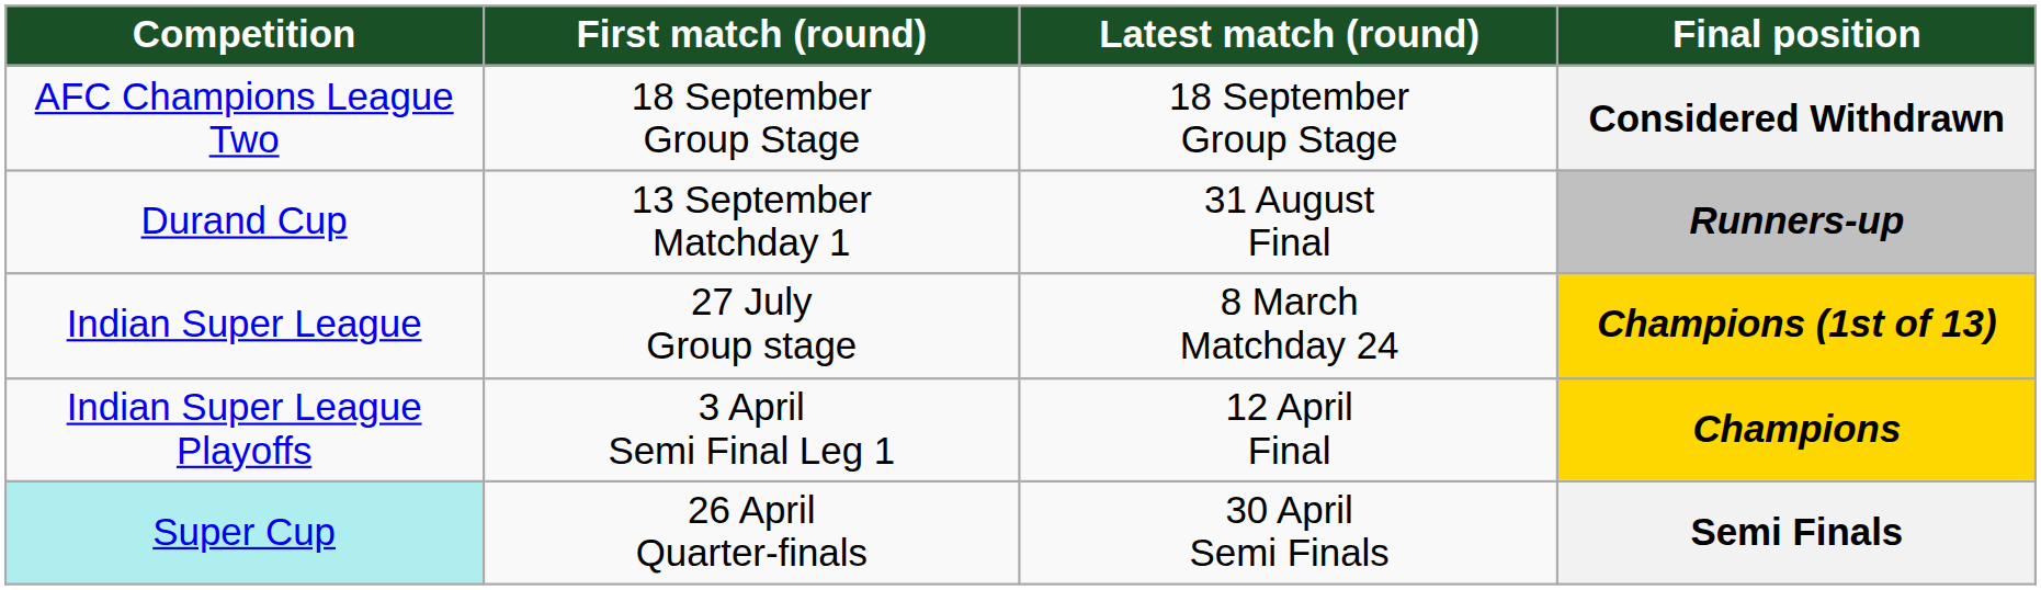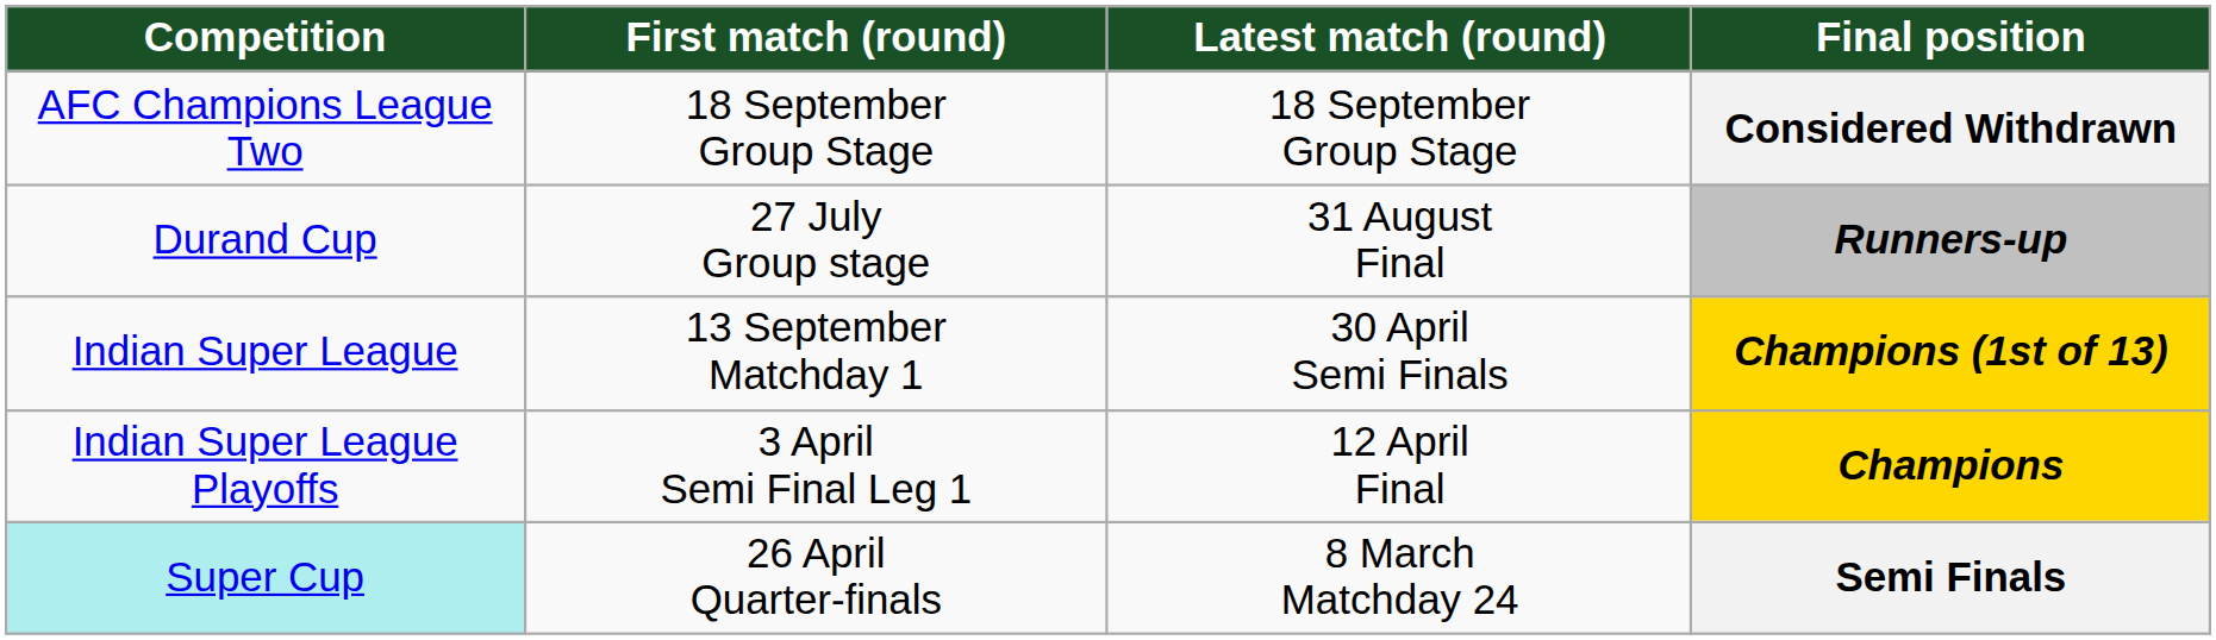 <table class="wikitable" style="text-align:center; width:850px;">
 <tr>
 <th style="text-align:center; width:150px; background:#1A5026; color:#FFFFFF; ">Competition</th>
 <th style="text-align:center; width:170px; background:#1A5026; color:#FFFFFF; ">First match (round)</th>
 <th style="text-align:center; width:170px; background:#1A5026; color:#FFFFFF; ">Latest match (round)</th>
 <th style="text-align:center; width:150px; background:#1A5026; color:#FFFFFF; ">Final position</th>
 </tr>
 <tr>
 <td style="text-align:center;"><a href='#'>AFC Champions League Two</a></td>
 <td>18 September <br> Group Stage</td>
 <td>18 September <br> Group Stage</td>
 <th>Considered Withdrawn</th>
 </tr>
 <tr>
 <td style="text-align:center;"><a href='#'>Durand Cup</a></td>
-<td>13 September <br> Matchday 1</td>
+<td>27 July <br> Group stage</td>
 <td>31 August <br> Final</td>
 <th style="background:Silver"><em>Runners-up</em></th>
 </tr>
 <tr>
 <td style="text-align:center;"><a href='#'>Indian Super League</a></td>
-<td>27 July <br> Group stage</td>
-<td>8 March <br> Matchday 24</td>
+<td>13 September <br> Matchday 1</td>
+<td>30 April<br>Semi Finals</td>
 <th style="background:Gold"><em>Champions (1st of 13)</em></th>
 </tr>
 <tr>
 <td style="text-align:center;"><a href='#'>Indian Super League Playoffs</a></td>
 <td>3 April <br> Semi Final Leg 1</td>
 <td>12 April  <br> Final</td>
 <th style="background:Gold"><em>Champions</em></th>
 </tr>
 <tr>
 <td style="background: paleturquoise; text-align:center;"><a href='#'>Super Cup</a></td>
 <td>26 April<br>Quarter-finals</td>
-<td>30 April<br>Semi Finals</td>
+<td>8 March <br> Matchday 24</td>
 <th>Semi Finals</th>
 </tr>
 </table>
